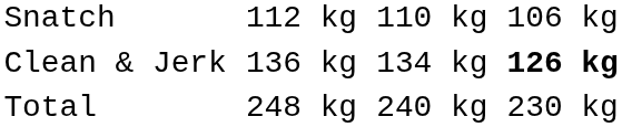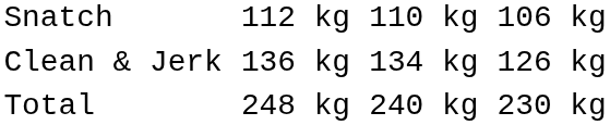 <table>
 <tr>
 <td>Snatch</td>
 <td></td>
 <td>112 kg</td>
 <td></td>
 <td>110 kg</td>
 <td></td>
 <td>106 kg</td>
 </tr>
 <tr>
 <td>Clean & Jerk</td>
 <td></td>
 <td>136 kg</td>
 <td></td>
 <td>134 kg</td>
 <td></td>
-<td><strong>126 kg</strong></td>
+<td>126 kg</td>
 </tr>
 <tr>
 <td>Total</td>
 <td></td>
 <td>248 kg</td>
 <td></td>
 <td>240 kg</td>
 <td></td>
 <td>230 kg</td>
 </tr>
 </table>
